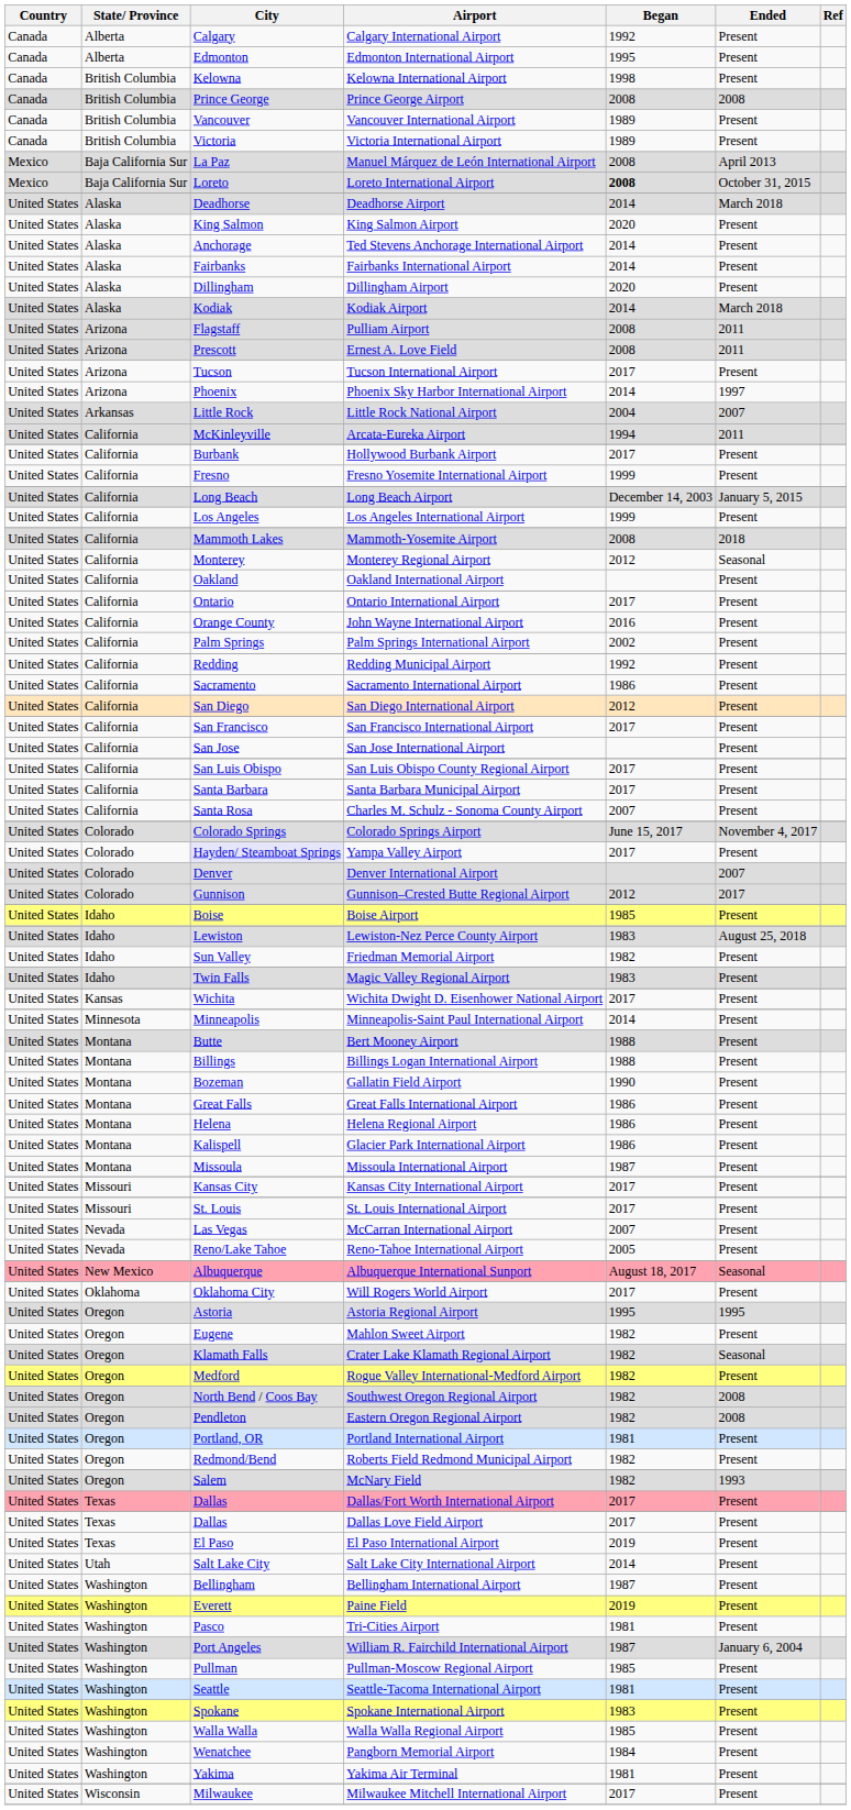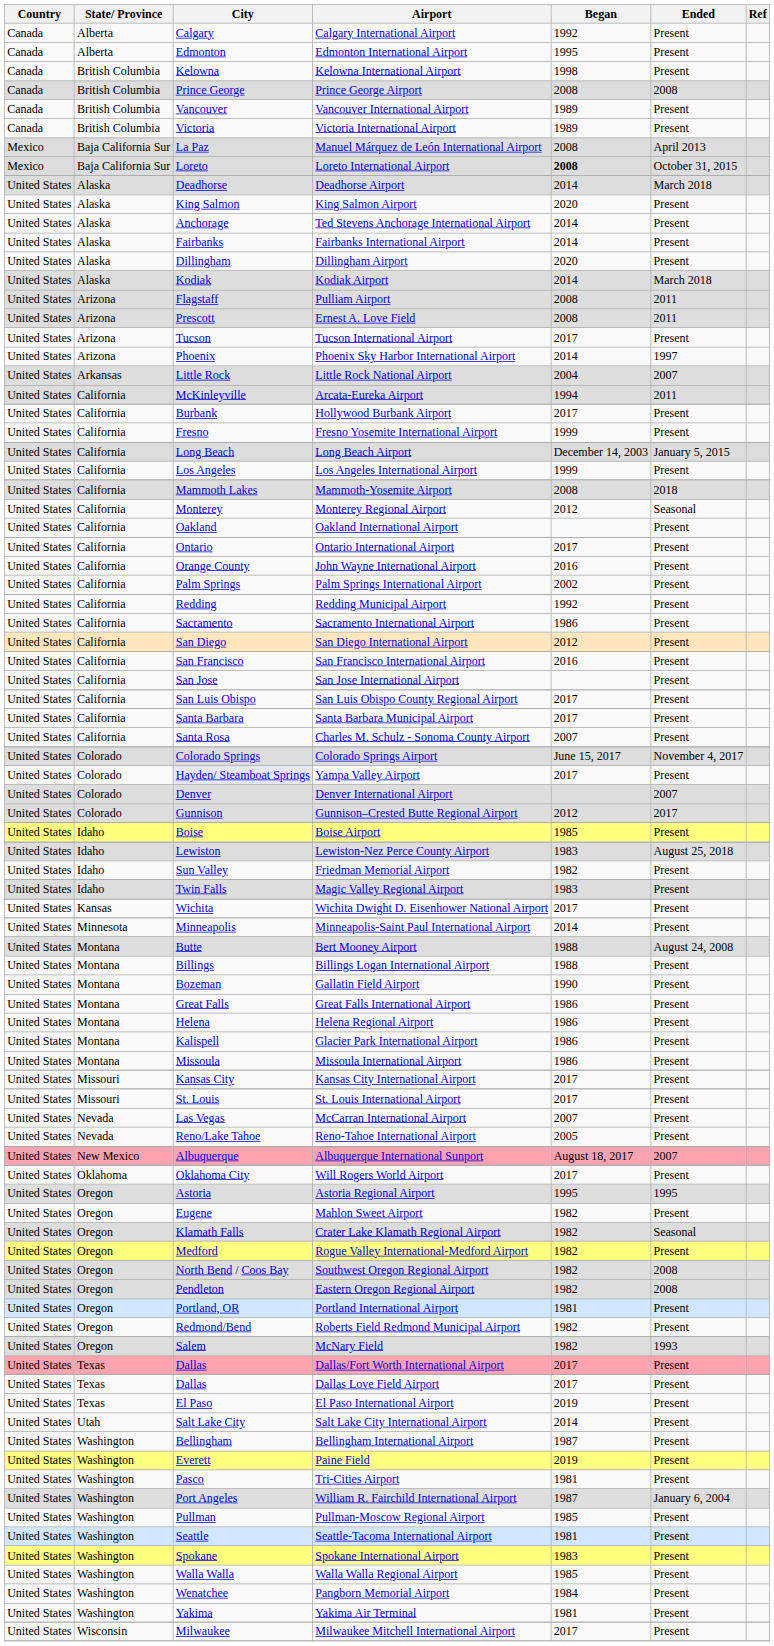 <table class="wikitable sortable" border="1">
 <tr>
 <th>Country</th>
 <th>State/ Province</th>
 <th>City</th>
 <th>Airport</th>
 <th>Began</th>
 <th>Ended</th>
 <th>Ref</th>
 </tr>
 <tr>
 <td>Canada</td>
 <td>Alberta</td>
 <td><a href='#'>Calgary</a></td>
 <td><a href='#'>Calgary International Airport</a></td>
 <td>1992</td>
 <td>Present</td>
 <td></td>
 </tr>
 <tr>
 <td>Canada</td>
 <td>Alberta</td>
 <td><a href='#'>Edmonton</a></td>
 <td><a href='#'>Edmonton International Airport</a></td>
 <td>1995</td>
 <td>Present</td>
 <td></td>
 </tr>
 <tr>
 <td>Canada</td>
 <td>British Columbia</td>
 <td><a href='#'>Kelowna</a></td>
 <td><a href='#'>Kelowna International Airport</a></td>
 <td>1998</td>
 <td>Present</td>
 <td></td>
 </tr>
 <tr style="background-color:#DDDDDD">
 <td>Canada</td>
 <td>British Columbia</td>
 <td><a href='#'>Prince George</a></td>
 <td><a href='#'>Prince George Airport</a></td>
 <td>2008</td>
 <td>2008</td>
 <td></td>
 </tr>
 <tr>
 <td>Canada</td>
 <td>British Columbia</td>
 <td><a href='#'>Vancouver</a></td>
 <td><a href='#'>Vancouver International Airport</a></td>
 <td>1989</td>
 <td>Present</td>
 <td></td>
 </tr>
 <tr>
 <td>Canada</td>
 <td>British Columbia</td>
 <td><a href='#'>Victoria</a></td>
 <td><a href='#'>Victoria International Airport</a></td>
 <td>1989</td>
 <td>Present</td>
 <td></td>
 </tr>
 <tr style="background-color:#DDDDDD">
 <td>Mexico</td>
 <td>Baja California Sur</td>
 <td><a href='#'>La Paz</a></td>
 <td><a href='#'>Manuel Márquez de León International Airport</a></td>
 <td>2008</td>
 <td>April 2013</td>
 <td></td>
 </tr>
 <tr style="background-color:#DDDDDD">
 <td>Mexico</td>
 <td>Baja California Sur</td>
 <td><a href='#'>Loreto</a></td>
 <td><a href='#'>Loreto International Airport</a></td>
 <td><strong>2008</strong></td>
 <td>October 31, 2015</td>
 <td></td>
 </tr>
 <tr>
 </tr>
 <tr style="background-color:#DDDDDD">
 <td>United States</td>
 <td>Alaska</td>
 <td><a href='#'>Deadhorse</a></td>
 <td><a href='#'>Deadhorse Airport</a></td>
 <td>2014</td>
 <td>March 2018</td>
 <td></td>
 </tr>
 <tr>
 <td>United States</td>
 <td>Alaska</td>
 <td><a href='#'>King Salmon</a></td>
 <td><a href='#'>King Salmon Airport</a></td>
 <td>2020</td>
 <td>Present</td>
 <td></td>
 </tr>
 <tr>
 <td>United States</td>
 <td>Alaska</td>
 <td><a href='#'>Anchorage</a></td>
 <td><a href='#'>Ted Stevens Anchorage International Airport</a></td>
 <td>2014</td>
 <td>Present</td>
 <td></td>
 </tr>
 <tr>
 <td>United States</td>
 <td>Alaska</td>
 <td><a href='#'>Fairbanks</a></td>
 <td><a href='#'>Fairbanks International Airport</a></td>
 <td>2014</td>
 <td>Present</td>
 <td></td>
 </tr>
 <tr>
 <td>United States</td>
 <td>Alaska</td>
 <td><a href='#'>Dillingham</a></td>
 <td><a href='#'>Dillingham Airport</a></td>
 <td>2020</td>
 <td>Present</td>
 <td></td>
 </tr>
 <tr style="background-color:#DDDDDD">
 <td>United States</td>
 <td>Alaska</td>
 <td><a href='#'>Kodiak</a></td>
 <td><a href='#'>Kodiak Airport</a></td>
 <td>2014</td>
 <td>March 2018</td>
 <td></td>
 </tr>
 <tr style="background-color:#DDDDDD">
 <td>United States</td>
 <td>Arizona</td>
 <td><a href='#'>Flagstaff</a></td>
 <td><a href='#'>Pulliam Airport</a> </td>
 <td>2008</td>
 <td>2011</td>
 <td></td>
 </tr>
 <tr style="background-color:#DDDDDD">
 <td>United States</td>
 <td>Arizona</td>
 <td><a href='#'>Prescott</a></td>
 <td><a href='#'>Ernest A. Love Field</a> </td>
 <td>2008</td>
 <td>2011</td>
 <td></td>
 </tr>
 <tr>
 <td>United States</td>
 <td>Arizona</td>
 <td><a href='#'>Tucson</a></td>
 <td><a href='#'>Tucson International Airport</a></td>
 <td>2017</td>
 <td>Present</td>
 <td></td>
 </tr>
 <tr>
 <td>United States</td>
 <td>Arizona</td>
 <td><a href='#'>Phoenix</a></td>
 <td><a href='#'>Phoenix Sky Harbor International Airport</a></td>
 <td>2014</td>
 <td>1997</td>
 <td></td>
 </tr>
 <tr style="background-color:#DDDDDD">
 <td>United States</td>
 <td>Arkansas</td>
 <td><a href='#'>Little Rock</a></td>
 <td><a href='#'>Little Rock National Airport</a></td>
 <td>2004</td>
 <td>2007</td>
 <td></td>
 </tr>
 <tr style="background-color:#DDDDDD">
 <td>United States</td>
 <td>California</td>
 <td><a href='#'>McKinleyville</a></td>
 <td><a href='#'>Arcata-Eureka Airport</a> </td>
 <td>1994</td>
 <td>2011</td>
 <td></td>
 </tr>
 <tr>
 </tr>
 <tr>
 <td>United States</td>
 <td>California</td>
 <td><a href='#'>Burbank</a></td>
 <td><a href='#'>Hollywood Burbank Airport</a> </td>
 <td>2017</td>
 <td>Present</td>
 <td></td>
 </tr>
 <tr style="background-ecolor:#D0E7FF">
 <td>United States</td>
 <td>California</td>
 <td><a href='#'>Fresno</a></td>
 <td><a href='#'>Fresno Yosemite International Airport</a></td>
 <td>1999</td>
 <td>Present</td>
 <td></td>
 </tr>
 <tr>
 </tr>
 <tr style="background-color:#DDDDDD">
 <td>United States</td>
 <td>California</td>
 <td><a href='#'>Long Beach</a></td>
 <td><a href='#'>Long Beach Airport</a></td>
 <td>December 14, 2003</td>
 <td>January 5, 2015</td>
 <td></td>
 </tr>
 <tr>
 <td>United States</td>
 <td>California</td>
 <td><a href='#'>Los Angeles</a></td>
 <td><a href='#'>Los Angeles International Airport</a></td>
 <td>1999</td>
 <td>Present</td>
 <td></td>
 </tr>
 <tr>
 </tr>
 <tr style="background-color:#DDDDDD">
 <td>United States</td>
 <td>California</td>
 <td><a href='#'>Mammoth Lakes</a></td>
 <td><a href='#'>Mammoth-Yosemite Airport</a></td>
 <td>2008</td>
 <td>2018</td>
 <td></td>
 </tr>
 <tr>
 <td>United States</td>
 <td>California</td>
 <td><a href='#'>Monterey</a></td>
 <td><a href='#'>Monterey Regional Airport</a></td>
 <td>2012</td>
 <td>Seasonal</td>
 <td></td>
 </tr>
 <tr>
 <td>United States</td>
 <td>California</td>
 <td><a href='#'>Oakland</a></td>
 <td><a href='#'>Oakland International Airport</a></td>
 <td></td>
 <td>Present</td>
 <td></td>
 </tr>
 <tr>
 </tr>
 <tr>
 <td>United States</td>
 <td>California</td>
 <td><a href='#'>Ontario</a></td>
 <td><a href='#'>Ontario International Airport</a></td>
 <td>2017</td>
 <td>Present</td>
 <td></td>
 </tr>
 <tr>
 <td>United States</td>
 <td>California</td>
 <td><a href='#'>Orange County</a></td>
 <td><a href='#'>John Wayne International Airport</a></td>
 <td>2016</td>
 <td>Present</td>
 <td></td>
 </tr>
 <tr>
 <td>United States</td>
 <td>California</td>
 <td><a href='#'>Palm Springs</a></td>
 <td><a href='#'>Palm Springs International Airport</a></td>
 <td>2002</td>
 <td>Present</td>
 <td></td>
 </tr>
 <tr>
 </tr>
 <tr>
 <td>United States</td>
 <td>California</td>
 <td><a href='#'>Redding</a></td>
 <td><a href='#'>Redding Municipal Airport</a></td>
 <td>1992</td>
 <td>Present</td>
 <td></td>
 </tr>
 <tr>
 <td>United States</td>
 <td>California</td>
 <td><a href='#'>Sacramento</a></td>
 <td><a href='#'>Sacramento International Airport</a></td>
 <td>1986</td>
 <td>Present</td>
 <td></td>
 </tr>
 <tr style="background-color:#FFE6BD">
 <td>United States</td>
 <td>California</td>
 <td><a href='#'>San Diego</a></td>
 <td><a href='#'>San Diego International Airport</a></td>
 <td>2012</td>
 <td>Present</td>
 <td></td>
 </tr>
 <tr>
 </tr>
 <tr>
 <td>United States</td>
 <td>California</td>
 <td><a href='#'>San Francisco</a></td>
 <td><a href='#'>San Francisco International Airport</a></td>
-<td>2017</td>
+<td>2016</td>
 <td>Present</td>
 <td></td>
 </tr>
 <tr>
 <td>United States</td>
 <td>California</td>
 <td><a href='#'>San Jose</a></td>
 <td><a href='#'>San Jose International Airport</a></td>
 <td></td>
 <td>Present</td>
 <td></td>
 </tr>
 <tr>
 </tr>
 <tr>
 <td>United States</td>
 <td>California</td>
 <td><a href='#'>San Luis Obispo</a></td>
 <td><a href='#'>San Luis Obispo County Regional Airport</a></td>
 <td>2017</td>
 <td>Present</td>
 <td></td>
 </tr>
 <tr>
 </tr>
 <tr>
 <td>United States</td>
 <td>California</td>
 <td><a href='#'>Santa Barbara</a></td>
 <td><a href='#'>Santa Barbara Municipal Airport</a></td>
 <td>2017</td>
 <td>Present</td>
 <td></td>
 </tr>
 <tr>
 <td>United States</td>
 <td>California</td>
 <td><a href='#'>Santa Rosa</a></td>
 <td><a href='#'>Charles M. Schulz - Sonoma County Airport</a></td>
 <td>2007</td>
 <td>Present</td>
 <td></td>
 </tr>
 <tr>
 </tr>
 <tr style="background-color:#DDDDDD">
 <td>United States</td>
 <td>Colorado</td>
 <td><a href='#'>Colorado Springs</a></td>
 <td><a href='#'>Colorado Springs Airport</a></td>
 <td>June 15, 2017</td>
 <td>November 4, 2017</td>
 <td></td>
 </tr>
 <tr>
 <td>United States</td>
 <td>Colorado</td>
 <td style="background: lavender;"><a href='#'>Hayden/ Steamboat Springs</a></td>
 <td><a href='#'>Yampa Valley Airport</a></td>
 <td>2017</td>
 <td>Present</td>
 <td></td>
 </tr>
 <tr style="background-color:#DDDDDD">
 <td>United States</td>
 <td>Colorado</td>
 <td><a href='#'>Denver</a></td>
 <td><a href='#'>Denver International Airport</a> </td>
 <td></td>
 <td>2007</td>
 <td></td>
 </tr>
 <tr style="background-color:#DDDDDD">
 <td>United States</td>
 <td>Colorado</td>
 <td><a href='#'>Gunnison</a></td>
 <td><a href='#'>Gunnison–Crested Butte Regional Airport</a> </td>
 <td>2012</td>
 <td>2017</td>
 <td></td>
 </tr>
 <tr>
 </tr>
 <tr style="background-color:#FFFF80">
 <td>United States</td>
 <td>Idaho</td>
 <td><a href='#'>Boise</a></td>
 <td><a href='#'>Boise Airport</a></td>
 <td>1985</td>
 <td>Present</td>
 <td></td>
 </tr>
 <tr>
 </tr>
 <tr style="background-color:#DDDDDD">
 <td>United States</td>
 <td>Idaho</td>
 <td><a href='#'>Lewiston</a></td>
 <td><a href='#'>Lewiston-Nez Perce County Airport</a></td>
 <td>1983</td>
 <td>August 25, 2018</td>
 <td></td>
 </tr>
 <tr>
 <td>United States</td>
 <td>Idaho</td>
 <td><a href='#'>Sun Valley</a></td>
 <td><a href='#'>Friedman Memorial Airport</a></td>
 <td>1982</td>
 <td>Present</td>
 <td></td>
 </tr>
 <tr>
 </tr>
 <tr style="background-color:#DDDDDD">
 <td>United States</td>
 <td>Idaho</td>
 <td><a href='#'>Twin Falls</a></td>
 <td><a href='#'>Magic Valley Regional Airport</a></td>
 <td>1983</td>
 <td>Present</td>
 <td></td>
 </tr>
 <tr>
 </tr>
 <tr>
 <td>United States</td>
 <td>Kansas</td>
 <td><a href='#'>Wichita</a></td>
 <td><a href='#'>Wichita Dwight D. Eisenhower National Airport</a></td>
 <td>2017</td>
 <td>Present</td>
 <td></td>
 </tr>
 <tr>
 </tr>
 <tr>
 <td>United States</td>
 <td>Minnesota</td>
 <td><a href='#'>Minneapolis</a></td>
 <td><a href='#'>Minneapolis-Saint Paul International Airport</a></td>
 <td>2014</td>
 <td>Present</td>
 <td></td>
 </tr>
 <tr style="background-color:#DDDDDD">
 <td>United States</td>
 <td>Montana</td>
 <td><a href='#'>Butte</a></td>
 <td><a href='#'>Bert Mooney Airport</a></td>
 <td>1988</td>
-<td>Present</td>
+<td>August 24, 2008</td>
 <td></td>
 </tr>
 <tr>
 <td>United States</td>
 <td>Montana</td>
 <td><a href='#'>Billings</a></td>
 <td><a href='#'>Billings Logan International Airport</a></td>
 <td>1988</td>
 <td>Present</td>
 <td></td>
 </tr>
 <tr>
 <td>United States</td>
 <td>Montana</td>
 <td><a href='#'>Bozeman</a></td>
 <td><a href='#'>Gallatin Field Airport</a></td>
 <td>1990</td>
 <td>Present</td>
 <td></td>
 </tr>
 <tr>
 <td>United States</td>
 <td>Montana</td>
 <td><a href='#'>Great Falls</a></td>
 <td><a href='#'>Great Falls International Airport</a></td>
 <td>1986</td>
 <td>Present</td>
 <td></td>
 </tr>
 <tr>
 <td>United States</td>
 <td>Montana</td>
 <td><a href='#'>Helena</a></td>
 <td><a href='#'>Helena Regional Airport</a></td>
 <td>1986</td>
 <td>Present</td>
 <td></td>
 </tr>
 <tr>
 <td>United States</td>
 <td>Montana</td>
 <td><a href='#'>Kalispell</a></td>
 <td><a href='#'>Glacier Park International Airport</a></td>
 <td>1986</td>
 <td>Present</td>
 <td></td>
 </tr>
 <tr>
 <td>United States</td>
 <td>Montana</td>
 <td><a href='#'>Missoula</a></td>
 <td><a href='#'>Missoula International Airport</a></td>
-<td>1987</td>
+<td>1986</td>
 <td>Present</td>
 <td></td>
 </tr>
 <tr>
 </tr>
 <tr>
 <td>United States</td>
 <td>Missouri</td>
 <td><a href='#'>Kansas City</a></td>
 <td><a href='#'>Kansas City International Airport</a></td>
 <td>2017</td>
 <td>Present</td>
 <td></td>
 </tr>
 <tr>
 </tr>
 <tr>
 <td>United States</td>
 <td>Missouri</td>
 <td><a href='#'>St. Louis</a></td>
 <td><a href='#'>St. Louis International Airport</a></td>
 <td>2017</td>
 <td>Present</td>
 <td></td>
 </tr>
 <tr>
 <td>United States</td>
 <td>Nevada</td>
 <td><a href='#'>Las Vegas</a></td>
 <td><a href='#'>McCarran International Airport</a></td>
 <td>2007</td>
 <td>Present</td>
 <td></td>
 </tr>
 <tr>
 <td>United States</td>
 <td>Nevada</td>
 <td><a href='#'>Reno/Lake Tahoe</a></td>
 <td><a href='#'>Reno-Tahoe International Airport</a></td>
 <td>2005</td>
 <td>Present</td>
 <td></td>
 </tr>
 <tr>
 </tr>
 <tr style="background-color:#FFA3B1">
 <td>United States</td>
 <td>New Mexico</td>
 <td><a href='#'>Albuquerque</a></td>
 <td><a href='#'>Albuquerque International Sunport</a></td>
 <td>August 18, 2017</td>
-<td>Seasonal</td>
+<td>2007</td>
 <td></td>
 </tr>
 <tr>
 </tr>
 <tr>
 <td>United States</td>
 <td>Oklahoma</td>
 <td><a href='#'>Oklahoma City</a></td>
 <td><a href='#'>Will Rogers World Airport</a></td>
 <td>2017</td>
 <td>Present</td>
 <td></td>
 </tr>
 <tr style="background-color:#DDDDDD">
 <td>United States</td>
 <td>Oregon</td>
 <td><a href='#'>Astoria</a></td>
 <td><a href='#'>Astoria Regional Airport</a></td>
 <td>1995</td>
 <td>1995</td>
 <td></td>
 </tr>
 <tr>
 <td>United States</td>
 <td>Oregon</td>
 <td><a href='#'>Eugene</a></td>
 <td><a href='#'>Mahlon Sweet Airport</a></td>
 <td>1982</td>
 <td>Present</td>
 <td></td>
 </tr>
 <tr style="background-color:#DDDDDD">
 <td>United States</td>
 <td>Oregon</td>
 <td><a href='#'>Klamath Falls</a></td>
 <td><a href='#'>Crater Lake Klamath Regional Airport</a></td>
 <td>1982</td>
 <td>Seasonal</td>
 <td></td>
 </tr>
 <tr style="background-color:#FFFF80">
 <td>United States</td>
 <td>Oregon</td>
 <td><a href='#'>Medford</a></td>
 <td><a href='#'>Rogue Valley International-Medford Airport</a></td>
 <td>1982</td>
 <td>Present</td>
 <td></td>
 </tr>
 <tr style="background-color:#DDDDDD">
 <td>United States</td>
 <td>Oregon</td>
 <td><a href='#'>North Bend</a> / <a href='#'>Coos Bay</a></td>
 <td><a href='#'>Southwest Oregon Regional Airport</a></td>
 <td>1982</td>
 <td>2008</td>
 <td></td>
 </tr>
 <tr style="background-color:#DDDDDD">
 <td>United States</td>
 <td>Oregon</td>
 <td><a href='#'>Pendleton</a></td>
 <td><a href='#'>Eastern Oregon Regional Airport</a></td>
 <td>1982</td>
 <td>2008</td>
 <td></td>
 </tr>
 <tr style="background-color:#D0E7FF">
 <td>United States</td>
 <td>Oregon</td>
 <td><a href='#'>Portland, OR</a></td>
 <td><a href='#'>Portland International Airport</a></td>
 <td>1981</td>
 <td>Present</td>
 <td></td>
 </tr>
 <tr>
 <td>United States</td>
 <td>Oregon</td>
 <td><a href='#'>Redmond/Bend</a></td>
 <td><a href='#'>Roberts Field Redmond Municipal Airport</a></td>
 <td>1982</td>
 <td>Present</td>
 <td></td>
 </tr>
 <tr>
 </tr>
 <tr style="background-color:#DDDDDD">
 <td>United States</td>
 <td>Oregon</td>
 <td><a href='#'>Salem</a></td>
 <td><a href='#'>McNary Field</a></td>
 <td>1982</td>
 <td>1993</td>
 <td></td>
 </tr>
 <tr style="background-color:#FFA3B1">
 <td>United States</td>
 <td>Texas</td>
 <td><a href='#'>Dallas</a></td>
 <td><a href='#'>Dallas/Fort Worth International Airport</a></td>
 <td>2017</td>
 <td>Present</td>
 <td></td>
 </tr>
 <tr>
 </tr>
 <tr>
 <td>United States</td>
 <td>Texas</td>
 <td><a href='#'>Dallas</a></td>
 <td><a href='#'>Dallas Love Field Airport</a></td>
 <td>2017</td>
 <td>Present</td>
 <td></td>
 </tr>
 <tr>
 <td>United States</td>
 <td>Texas</td>
 <td><a href='#'>El Paso</a></td>
 <td><a href='#'>El Paso International Airport</a></td>
 <td>2019</td>
 <td>Present</td>
 <td></td>
 </tr>
 <tr>
 <td>United States</td>
 <td>Utah</td>
 <td><a href='#'>Salt Lake City</a></td>
 <td><a href='#'>Salt Lake City International Airport</a></td>
 <td>2014</td>
 <td>Present</td>
 <td></td>
 </tr>
 <tr>
 <td>United States</td>
 <td>Washington</td>
 <td><a href='#'>Bellingham</a></td>
 <td><a href='#'>Bellingham International Airport</a></td>
 <td>1987</td>
 <td>Present</td>
 <td></td>
 </tr>
 <tr style="background-color:#FFFF80">
 <td>United States</td>
 <td>Washington</td>
 <td><a href='#'>Everett</a></td>
 <td><a href='#'>Paine Field</a></td>
 <td>2019</td>
 <td>Present</td>
 <td></td>
 </tr>
 <tr>
 <td>United States</td>
 <td>Washington</td>
 <td><a href='#'>Pasco</a></td>
 <td><a href='#'>Tri-Cities Airport</a></td>
 <td>1981</td>
 <td>Present</td>
 <td></td>
 </tr>
 <tr style="background-color:#DDDDDD">
 <td>United States</td>
 <td>Washington</td>
 <td><a href='#'>Port Angeles</a></td>
 <td><a href='#'>William R. Fairchild International Airport</a></td>
 <td>1987</td>
 <td>January 6, 2004</td>
 <td></td>
 </tr>
 <tr>
 <td>United States</td>
 <td>Washington</td>
 <td><a href='#'>Pullman</a></td>
 <td><a href='#'>Pullman-Moscow Regional Airport</a></td>
 <td>1985</td>
 <td>Present</td>
 <td></td>
 </tr>
 <tr style="background-color:#D0E7FF">
 <td>United States</td>
 <td>Washington</td>
 <td><a href='#'>Seattle</a></td>
 <td><a href='#'>Seattle-Tacoma International Airport</a></td>
 <td>1981</td>
 <td>Present</td>
 <td></td>
 </tr>
 <tr style="background-color:#FFFF80">
 <td>United States</td>
 <td>Washington</td>
 <td><a href='#'>Spokane</a></td>
 <td><a href='#'>Spokane International Airport</a></td>
 <td>1983</td>
 <td>Present</td>
 <td></td>
 </tr>
 <tr>
 <td>United States</td>
 <td>Washington</td>
 <td><a href='#'>Walla Walla</a></td>
 <td><a href='#'>Walla Walla Regional Airport</a></td>
 <td>1985</td>
 <td>Present</td>
 <td></td>
 </tr>
 <tr>
 <td>United States</td>
 <td>Washington</td>
 <td><a href='#'>Wenatchee</a></td>
 <td><a href='#'>Pangborn Memorial Airport</a></td>
 <td>1984</td>
 <td>Present</td>
 <td></td>
 </tr>
 <tr>
 <td>United States</td>
 <td>Washington</td>
 <td><a href='#'>Yakima</a></td>
 <td><a href='#'>Yakima Air Terminal</a></td>
 <td>1981</td>
 <td>Present</td>
 <td></td>
 </tr>
 <tr>
 </tr>
 <tr>
 <td>United States</td>
 <td>Wisconsin</td>
 <td><a href='#'>Milwaukee</a></td>
 <td><a href='#'>Milwaukee Mitchell International Airport</a></td>
 <td>2017</td>
 <td>Present</td>
 <td></td>
 </tr>
 <tr>
 </tr>
 </table>
